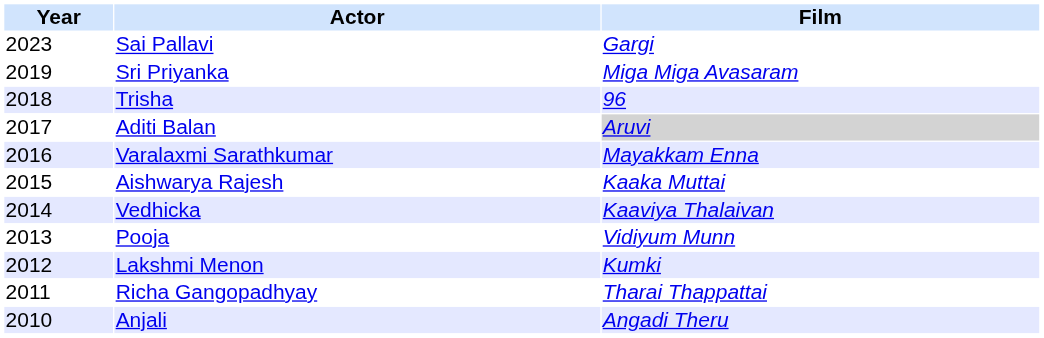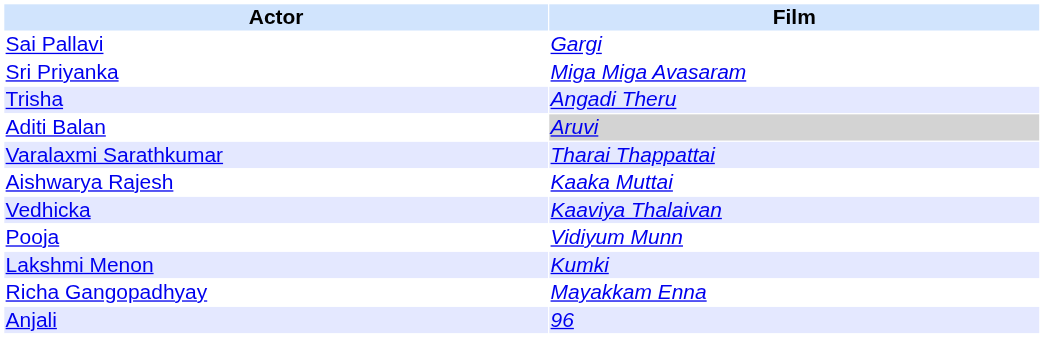 <table cellspacing="1" cellpadding="1" border="0" width="50%">
 <tr bgcolor="#d1e4fd">
-<th>Year</th>
 <th>Actor</th>
 <th>Film</th>
 </tr>
 <tr>
-<td>2023</td>
 <td><a href='#'>Sai Pallavi</a></td>
 <td><em><a href='#'>Gargi</a></em></td>
 </tr>
 <tr>
-<td>2019</td>
 <td><a href='#'>Sri Priyanka</a></td>
 <td><em><a href='#'>Miga Miga Avasaram</a></em></td>
 </tr>
 <tr bgcolor="#e4e8ff">
-<td>2018</td>
 <td><a href='#'>Trisha</a></td>
-<td><em><a href='#'>96</a></em></td>
+<td><em><a href='#'>Angadi Theru</a></em></td>
 </tr>
 <tr>
-<td>2017</td>
 <td><a href='#'>Aditi Balan</a></td>
 <td style="background: lightgrey;"><em><a href='#'>Aruvi</a></em></td>
 </tr>
 <tr bgcolor="#e4e8ff">
-<td>2016</td>
 <td><a href='#'>Varalaxmi Sarathkumar</a></td>
-<td><em><a href='#'>Mayakkam Enna</a></em></td>
+<td><em><a href='#'>Tharai Thappattai</a></em></td>
 </tr>
 <tr>
-<td>2015</td>
 <td><a href='#'>Aishwarya Rajesh</a></td>
 <td><em><a href='#'>Kaaka Muttai</a></em></td>
 </tr>
 <tr bgcolor="#e4e8ff">
-<td>2014</td>
 <td><a href='#'>Vedhicka</a></td>
 <td><em><a href='#'>Kaaviya Thalaivan</a></em></td>
 </tr>
 <tr>
-<td>2013</td>
 <td><a href='#'>Pooja</a></td>
 <td><em><a href='#'>Vidiyum Munn</a></em></td>
 </tr>
 <tr bgcolor="#e4e8ff">
-<td>2012</td>
 <td><a href='#'>Lakshmi Menon</a></td>
 <td><em><a href='#'>Kumki</a></em></td>
 </tr>
 <tr>
-<td>2011</td>
 <td><a href='#'>Richa Gangopadhyay</a></td>
-<td><em><a href='#'>Tharai Thappattai</a></em></td>
+<td><em><a href='#'>Mayakkam Enna</a></em></td>
 </tr>
 <tr bgcolor="#e4e8ff">
-<td>2010</td>
 <td><a href='#'>Anjali</a></td>
-<td><em><a href='#'>Angadi Theru</a></em></td>
+<td><em><a href='#'>96</a></em></td>
 </tr>
 </table>
